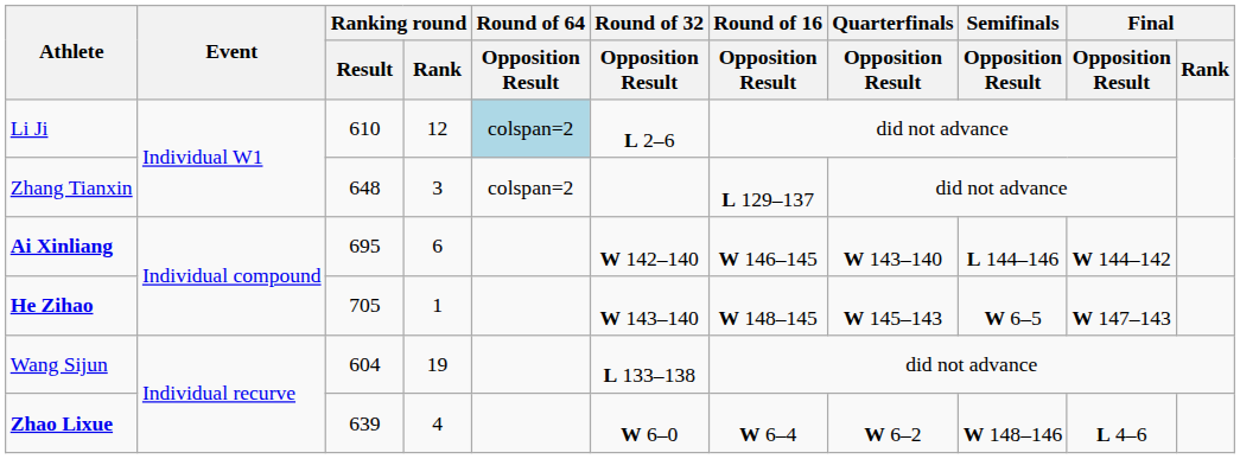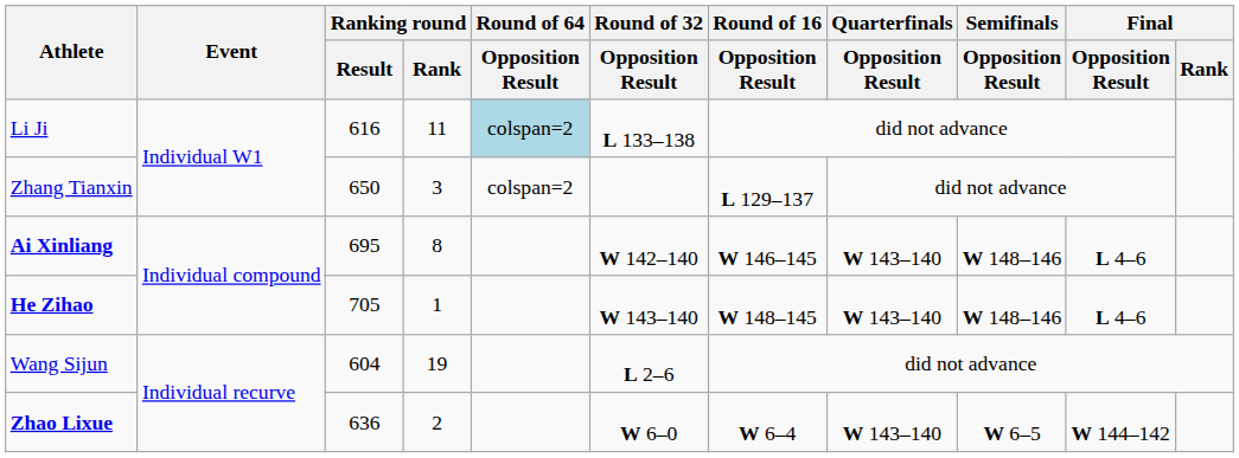 <table class=wikitable style="font-size:90%">
 <tr>
 <th rowspan="2">Athlete</th>
 <th rowspan="2">Event</th>
 <th colspan="2">Ranking round</th>
 <th>Round of 64</th>
 <th>Round of 32</th>
 <th>Round of 16</th>
 <th>Quarterfinals</th>
 <th>Semifinals</th>
 <th colspan="2">Final</th>
 </tr>
 <tr>
 <th>Result</th>
 <th>Rank</th>
 <th>Opposition<br>Result</th>
 <th>Opposition<br>Result</th>
 <th>Opposition<br>Result</th>
 <th>Opposition<br>Result</th>
 <th>Opposition<br>Result</th>
 <th>Opposition<br>Result</th>
 <th>Rank</th>
 </tr>
 <tr align=center>
 <td align=left><a href='#'>Li Ji</a></td>
 <td align=left rowspan="2"><a href='#'>Individual W1</a></td>
-<td>610</td>
-<td>12</td>
+<td>616</td>
+<td>11</td>
 <td style="background: lightblue;">colspan=2 </td>
-<td><br><strong>L</strong> 2–6</td>
+<td><br><strong>L</strong> 133–138</td>
 <td colspan=4>did not advance</td>
 </tr>
 <tr align=center>
 <td align=left><a href='#'>Zhang Tianxin</a></td>
-<td>648</td>
+<td>650</td>
 <td>3</td>
 <td>colspan=2 </td>
 <td></td>
 <td><br><strong>L</strong> 129–137</td>
 <td colspan=3>did not advance</td>
 </tr>
 <tr align=center>
 <td align=left><strong><a href='#'>Ai Xinliang</a></strong></td>
 <td align=left rowspan="2"><a href='#'>Individual compound</a></td>
 <td>695</td>
-<td>6</td>
+<td>8</td>
 <td></td>
 <td><br><strong>W</strong> 142–140</td>
 <td><br><strong>W</strong> 146–145</td>
 <td><br><strong>W</strong> 143–140</td>
-<td><br><strong>L</strong> 144–146</td>
-<td><br><strong>W</strong> 144–142</td>
+<td><br><strong>W</strong> 148–146</td>
+<td><br><strong>L</strong> 4–6</td>
 <td></td>
 </tr>
 <tr align=center>
 <td align=left><strong><a href='#'>He Zihao</a></strong></td>
 <td>705 </td>
 <td>1</td>
 <td></td>
 <td><br><strong>W</strong> 143–140</td>
 <td><br><strong>W</strong> 148–145</td>
-<td><br><strong>W</strong> 145–143</td>
-<td><br><strong>W</strong> 6–5</td>
-<td><br><strong>W</strong> 147–143</td>
+<td><br><strong>W</strong> 143–140</td>
+<td><br><strong>W</strong> 148–146</td>
+<td><br><strong>L</strong> 4–6</td>
 <td></td>
 </tr>
 <tr align=center>
 <td align=left><a href='#'>Wang Sijun</a></td>
 <td align=left rowspan="2"><a href='#'>Individual recurve</a></td>
 <td>604</td>
 <td>19</td>
 <td></td>
-<td><br><strong>L</strong> 133–138</td>
+<td><br><strong>L</strong> 2–6</td>
 <td colspan=5>did not advance</td>
 </tr>
 <tr align=center>
 <td align=left><strong><a href='#'>Zhao Lixue</a></strong></td>
-<td>639</td>
-<td>4</td>
+<td>636</td>
+<td>2</td>
 <td></td>
 <td><br><strong>W</strong> 6–0</td>
 <td><br><strong>W</strong> 6–4</td>
-<td><br><strong>W</strong> 6–2</td>
-<td><br><strong>W</strong> 148–146</td>
-<td><br><strong>L</strong> 4–6</td>
+<td><br><strong>W</strong> 143–140</td>
+<td><br><strong>W</strong> 6–5</td>
+<td><br><strong>W</strong> 144–142</td>
 <td></td>
 </tr>
 </table>
